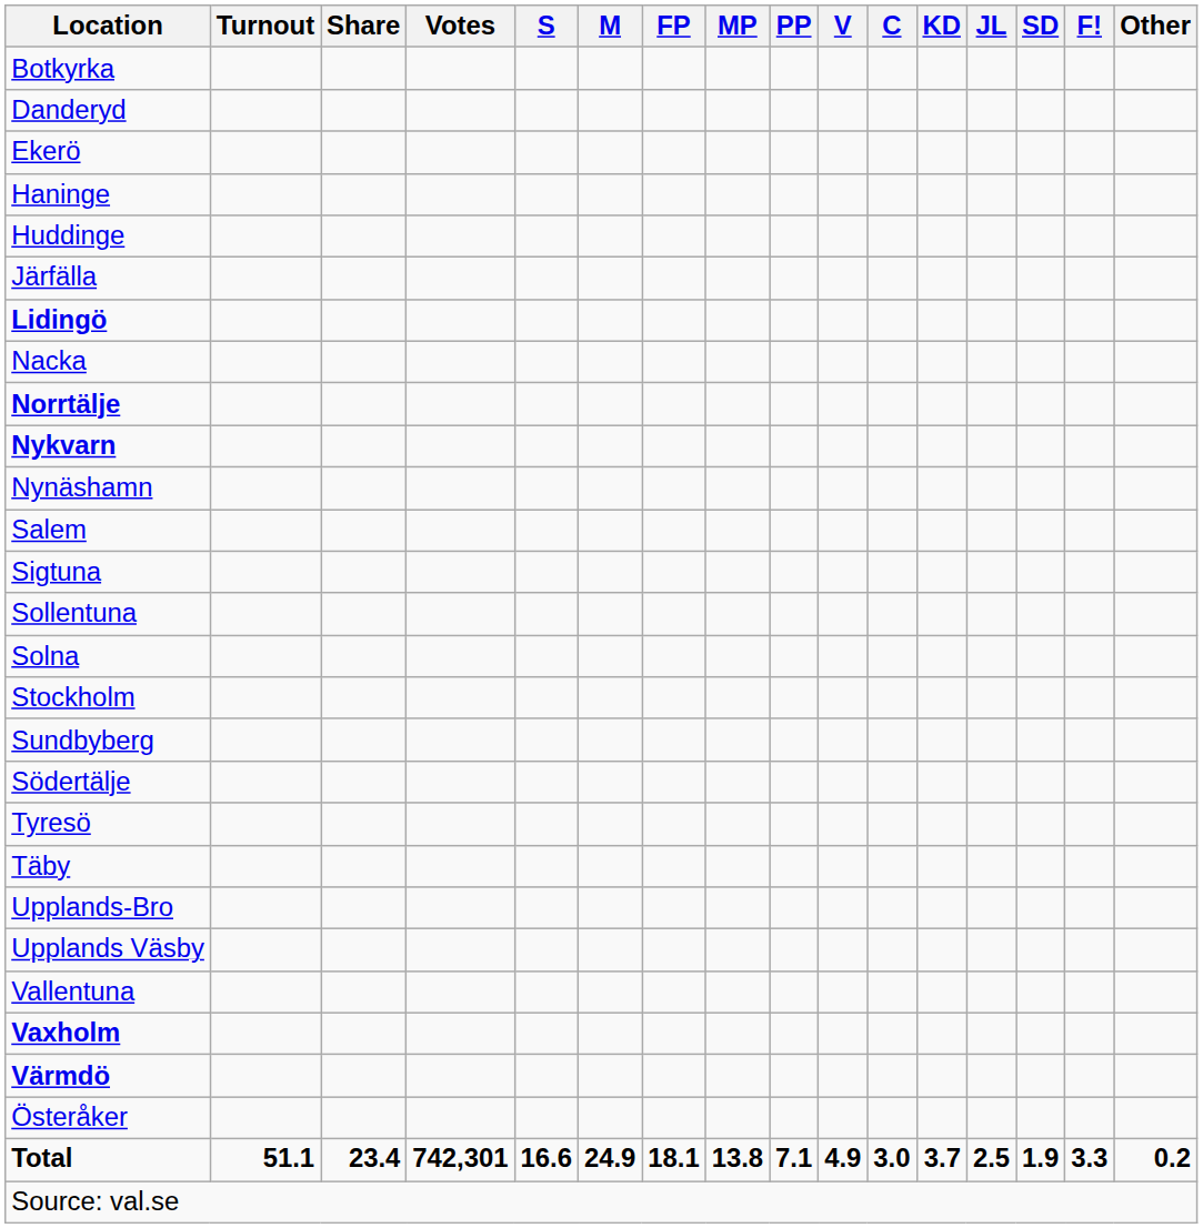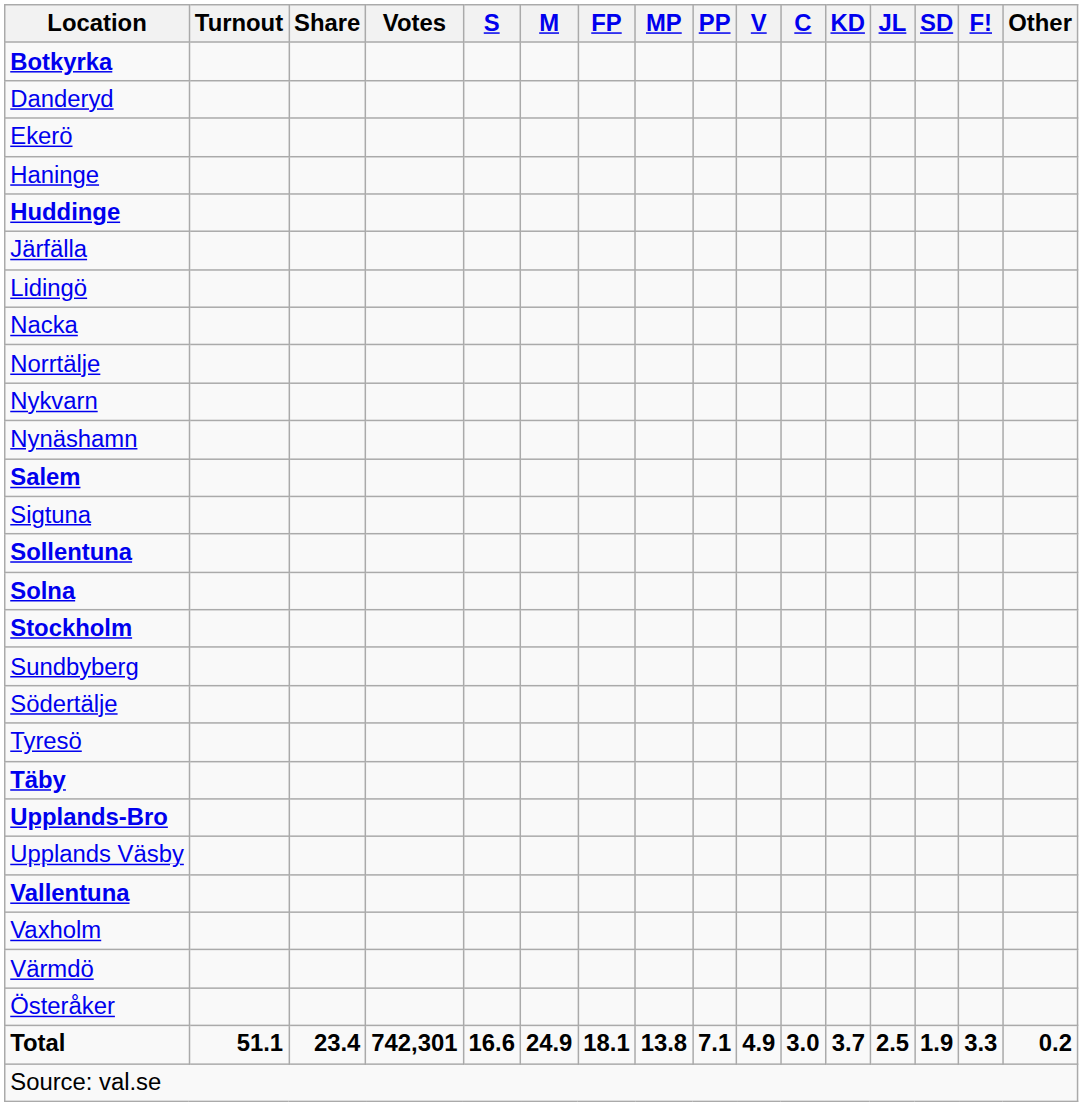 <table class="wikitable sortable" style=text-align:right>
 <tr>
 <th>Location</th>
 <th>Turnout</th>
 <th>Share</th>
 <th>Votes</th>
 <th><a href='#'>S</a></th>
 <th><a href='#'>M</a></th>
 <th><a href='#'>FP</a></th>
 <th><a href='#'>MP</a></th>
 <th><a href='#'>PP</a></th>
 <th><a href='#'>V</a></th>
 <th><a href='#'>C</a></th>
 <th><a href='#'>KD</a></th>
 <th><a href='#'>JL</a></th>
 <th><a href='#'>SD</a></th>
 <th><a href='#'>F!</a></th>
 <th>Other</th>
 </tr>
 <tr>
-<td align=left><a href='#'>Botkyrka</a></td>
+<td align=left><strong><a href='#'>Botkyrka</a></strong></td>
 <td></td>
 <td></td>
 <td></td>
 <td></td>
 <td></td>
 <td></td>
 <td></td>
 <td></td>
 <td></td>
 <td></td>
 <td></td>
 <td></td>
 <td></td>
 <td></td>
 <td></td>
 </tr>
 <tr>
 <td align=left><a href='#'>Danderyd</a></td>
 <td></td>
 <td></td>
 <td></td>
 <td></td>
 <td></td>
 <td></td>
 <td></td>
 <td></td>
 <td></td>
 <td></td>
 <td></td>
 <td></td>
 <td></td>
 <td></td>
 <td></td>
 </tr>
 <tr>
 <td align=left><a href='#'>Ekerö</a></td>
 <td></td>
 <td></td>
 <td></td>
 <td></td>
 <td></td>
 <td></td>
 <td></td>
 <td></td>
 <td></td>
 <td></td>
 <td></td>
 <td></td>
 <td></td>
 <td></td>
 <td></td>
 </tr>
 <tr>
 <td align=left><a href='#'>Haninge</a></td>
 <td></td>
 <td></td>
 <td></td>
 <td></td>
 <td></td>
 <td></td>
 <td></td>
 <td></td>
 <td></td>
 <td></td>
 <td></td>
 <td></td>
 <td></td>
 <td></td>
 <td></td>
 </tr>
 <tr>
-<td align=left><a href='#'>Huddinge</a></td>
+<td align=left><strong><a href='#'>Huddinge</a></strong></td>
 <td></td>
 <td></td>
 <td></td>
 <td></td>
 <td></td>
 <td></td>
 <td></td>
 <td></td>
 <td></td>
 <td></td>
 <td></td>
 <td></td>
 <td></td>
 <td></td>
 <td></td>
 </tr>
 <tr>
 <td align=left><a href='#'>Järfälla</a></td>
 <td></td>
 <td></td>
 <td></td>
 <td></td>
 <td></td>
 <td></td>
 <td></td>
 <td></td>
 <td></td>
 <td></td>
 <td></td>
 <td></td>
 <td></td>
 <td></td>
 <td></td>
 </tr>
 <tr>
-<td align=left><strong><a href='#'>Lidingö</a></strong></td>
+<td align=left><a href='#'>Lidingö</a></td>
 <td></td>
 <td></td>
 <td></td>
 <td></td>
 <td></td>
 <td></td>
 <td></td>
 <td></td>
 <td></td>
 <td></td>
 <td></td>
 <td></td>
 <td></td>
 <td></td>
 <td></td>
 </tr>
 <tr>
 <td align=left><a href='#'>Nacka</a></td>
 <td></td>
 <td></td>
 <td></td>
 <td></td>
 <td></td>
 <td></td>
 <td></td>
 <td></td>
 <td></td>
 <td></td>
 <td></td>
 <td></td>
 <td></td>
 <td></td>
 <td></td>
 </tr>
 <tr>
-<td align=left><strong><a href='#'>Norrtälje</a></strong></td>
+<td align=left><a href='#'>Norrtälje</a></td>
 <td></td>
 <td></td>
 <td></td>
 <td></td>
 <td></td>
 <td></td>
 <td></td>
 <td></td>
 <td></td>
 <td></td>
 <td></td>
 <td></td>
 <td></td>
 <td></td>
 <td></td>
 </tr>
 <tr>
-<td align=left><strong><a href='#'>Nykvarn</a></strong></td>
+<td align=left><a href='#'>Nykvarn</a></td>
 <td></td>
 <td></td>
 <td></td>
 <td></td>
 <td></td>
 <td></td>
 <td></td>
 <td></td>
 <td></td>
 <td></td>
 <td></td>
 <td></td>
 <td></td>
 <td></td>
 <td></td>
 </tr>
 <tr>
 <td align=left><a href='#'>Nynäshamn</a></td>
 <td></td>
 <td></td>
 <td></td>
 <td></td>
 <td></td>
 <td></td>
 <td></td>
 <td></td>
 <td></td>
 <td></td>
 <td></td>
 <td></td>
 <td></td>
 <td></td>
 <td></td>
 </tr>
 <tr>
-<td align=left><a href='#'>Salem</a></td>
+<td align=left><strong><a href='#'>Salem</a></strong></td>
 <td></td>
 <td></td>
 <td></td>
 <td></td>
 <td></td>
 <td></td>
 <td></td>
 <td></td>
 <td></td>
 <td></td>
 <td></td>
 <td></td>
 <td></td>
 <td></td>
 <td></td>
 </tr>
 <tr>
 <td align=left><a href='#'>Sigtuna</a></td>
 <td></td>
 <td></td>
 <td></td>
 <td></td>
 <td></td>
 <td></td>
 <td></td>
 <td></td>
 <td></td>
 <td></td>
 <td></td>
 <td></td>
 <td></td>
 <td></td>
 <td></td>
 </tr>
 <tr>
-<td align=left><a href='#'>Sollentuna</a></td>
+<td align=left><strong><a href='#'>Sollentuna</a></strong></td>
 <td></td>
 <td></td>
 <td></td>
 <td></td>
 <td></td>
 <td></td>
 <td></td>
 <td></td>
 <td></td>
 <td></td>
 <td></td>
 <td></td>
 <td></td>
 <td></td>
 <td></td>
 </tr>
 <tr>
-<td align=left><a href='#'>Solna</a></td>
+<td align=left><strong><a href='#'>Solna</a></strong></td>
 <td></td>
 <td></td>
 <td></td>
 <td></td>
 <td></td>
 <td></td>
 <td></td>
 <td></td>
 <td></td>
 <td></td>
 <td></td>
 <td></td>
 <td></td>
 <td></td>
 <td></td>
 </tr>
 <tr>
-<td align=left><a href='#'>Stockholm</a></td>
+<td align=left><strong><a href='#'>Stockholm</a></strong></td>
 <td></td>
 <td></td>
 <td></td>
 <td></td>
 <td></td>
 <td></td>
 <td></td>
 <td></td>
 <td></td>
 <td></td>
 <td></td>
 <td></td>
 <td></td>
 <td></td>
 <td></td>
 </tr>
 <tr>
 <td align=left><a href='#'>Sundbyberg</a></td>
 <td></td>
 <td></td>
 <td></td>
 <td></td>
 <td></td>
 <td></td>
 <td></td>
 <td></td>
 <td></td>
 <td></td>
 <td></td>
 <td></td>
 <td></td>
 <td></td>
 <td></td>
 </tr>
 <tr>
 <td align=left><a href='#'>Södertälje</a></td>
 <td></td>
 <td></td>
 <td></td>
 <td></td>
 <td></td>
 <td></td>
 <td></td>
 <td></td>
 <td></td>
 <td></td>
 <td></td>
 <td></td>
 <td></td>
 <td></td>
 <td></td>
 </tr>
 <tr>
 <td align=left><a href='#'>Tyresö</a></td>
 <td></td>
 <td></td>
 <td></td>
 <td></td>
 <td></td>
 <td></td>
 <td></td>
 <td></td>
 <td></td>
 <td></td>
 <td></td>
 <td></td>
 <td></td>
 <td></td>
 <td></td>
 </tr>
 <tr>
-<td align=left><a href='#'>Täby</a></td>
+<td align=left><strong><a href='#'>Täby</a></strong></td>
 <td></td>
 <td></td>
 <td></td>
 <td></td>
 <td></td>
 <td></td>
 <td></td>
 <td></td>
 <td></td>
 <td></td>
 <td></td>
 <td></td>
 <td></td>
 <td></td>
 <td></td>
 </tr>
 <tr>
-<td align=left><a href='#'>Upplands-Bro</a></td>
+<td align=left><strong><a href='#'>Upplands-Bro</a></strong></td>
 <td></td>
 <td></td>
 <td></td>
 <td></td>
 <td></td>
 <td></td>
 <td></td>
 <td></td>
 <td></td>
 <td></td>
 <td></td>
 <td></td>
 <td></td>
 <td></td>
 <td></td>
 </tr>
 <tr>
 <td align=left><a href='#'>Upplands Väsby</a></td>
 <td></td>
 <td></td>
 <td></td>
 <td></td>
 <td></td>
 <td></td>
 <td></td>
 <td></td>
 <td></td>
 <td></td>
 <td></td>
 <td></td>
 <td></td>
 <td></td>
 <td></td>
 </tr>
 <tr>
-<td align=left><a href='#'>Vallentuna</a></td>
+<td align=left><strong><a href='#'>Vallentuna</a></strong></td>
 <td></td>
 <td></td>
 <td></td>
 <td></td>
 <td></td>
 <td></td>
 <td></td>
 <td></td>
 <td></td>
 <td></td>
 <td></td>
 <td></td>
 <td></td>
 <td></td>
 <td></td>
 </tr>
 <tr>
-<td align=left><strong><a href='#'>Vaxholm</a></strong></td>
+<td align=left><a href='#'>Vaxholm</a></td>
 <td></td>
 <td></td>
 <td></td>
 <td></td>
 <td></td>
 <td></td>
 <td></td>
 <td></td>
 <td></td>
 <td></td>
 <td></td>
 <td></td>
 <td></td>
 <td></td>
 <td></td>
 </tr>
 <tr>
-<td align=left><strong><a href='#'>Värmdö</a></strong></td>
+<td align=left><a href='#'>Värmdö</a></td>
 <td></td>
 <td></td>
 <td></td>
 <td></td>
 <td></td>
 <td></td>
 <td></td>
 <td></td>
 <td></td>
 <td></td>
 <td></td>
 <td></td>
 <td></td>
 <td></td>
 <td></td>
 </tr>
 <tr>
 <td align=left><a href='#'>Österåker</a></td>
 <td></td>
 <td></td>
 <td></td>
 <td></td>
 <td></td>
 <td></td>
 <td></td>
 <td></td>
 <td></td>
 <td></td>
 <td></td>
 <td></td>
 <td></td>
 <td></td>
 <td></td>
 </tr>
 <tr>
 <td align=left><strong>Total</strong></td>
 <td><strong>51.1</strong></td>
 <td><strong>23.4</strong></td>
 <td><strong>742,301</strong></td>
 <td><strong>16.6</strong></td>
 <td><strong>24.9</strong></td>
 <td><strong>18.1</strong></td>
 <td><strong>13.8</strong></td>
 <td><strong>7.1</strong></td>
 <td><strong>4.9</strong></td>
 <td><strong>3.0</strong></td>
 <td><strong>3.7</strong></td>
 <td><strong>2.5</strong></td>
 <td><strong>1.9</strong></td>
 <td><strong>3.3</strong></td>
 <td><strong>0.2</strong></td>
 </tr>
 <tr>
 <td align=left colspan=16>Source: val.se </td>
 </tr>
 </table>
